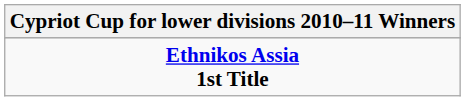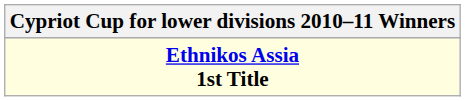 <table class="wikitable" style="text-align: center; margin: 0 auto;">
 <tr>
 <th>Cypriot Cup for lower divisions 2010–11 Winners</th>
 </tr>
 <tr>
 </tr>
 <tr>
-<td><strong><a href='#'>Ethnikos Assia</a></strong><br><strong>1st Title</strong></td>
+<td style="background: lightyellow;"><strong><a href='#'>Ethnikos Assia</a></strong><br><strong>1st Title</strong></td>
 </tr>
 </table>
